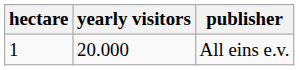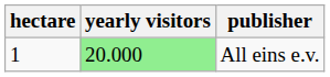 <table class="wikitable">
 <tr>
 <th>hectare</th>
 <th>yearly visitors</th>
 <th>publisher</th>
 </tr>
 <tr>
 <td>1</td>
-<td>20.000</td>
+<td style="background: lightgreen;">20.000</td>
 <td>All eins e.v.</td>
 </tr>
 </table>
